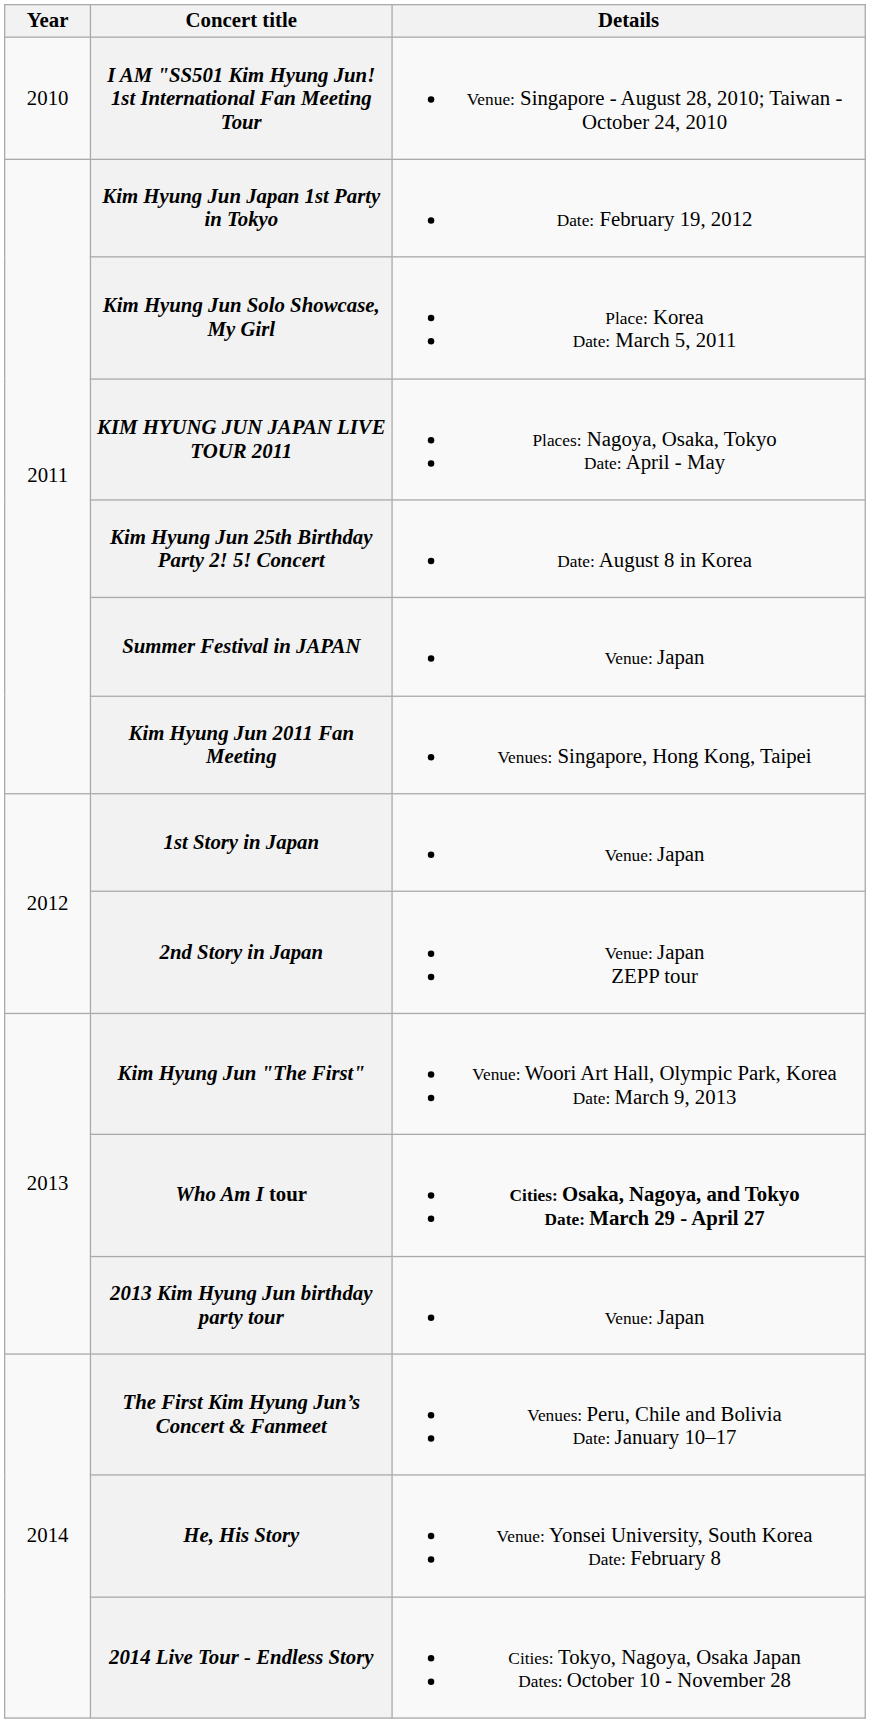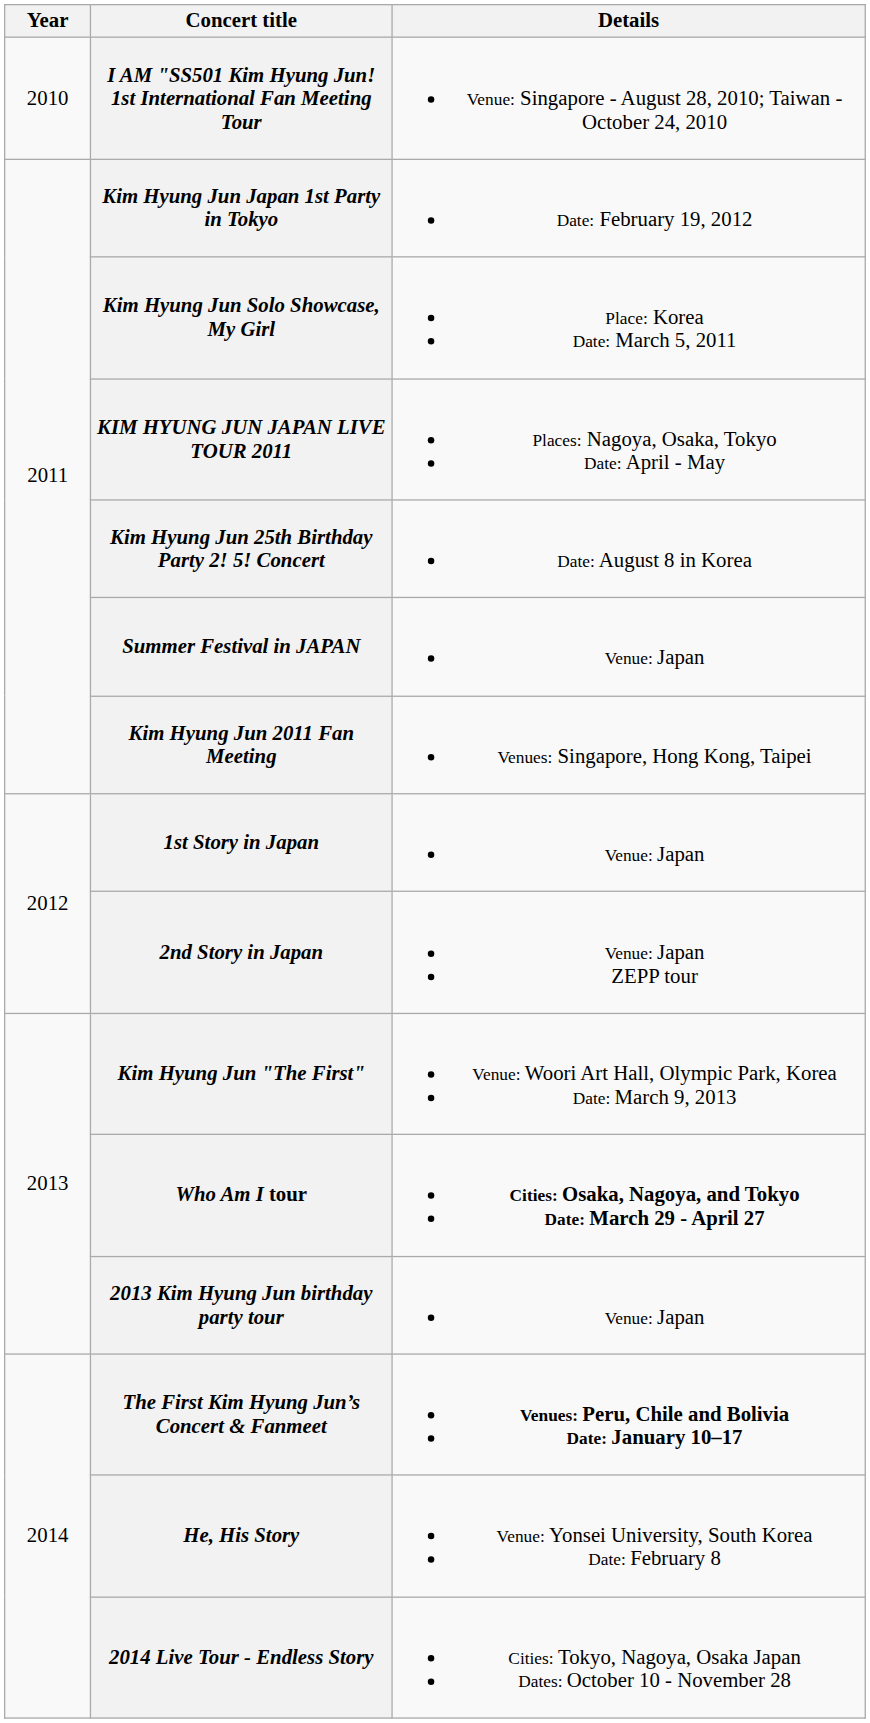 <table class="wikitable plainrowheaders" style="width:75%; text-align:center;">
 <tr>
 <th width=10%>Year</th>
 <th width=35%>Concert title</th>
 <th width=55%>Details</th>
 </tr>
 <tr>
 <td>2010</td>
 <th scope=row><em>I AM "SS501 Kim Hyung Jun! 1st International Fan Meeting Tour</em></th>
 <td><br><ul><li><small>Venue:</small> Singapore - August 28, 2010; Taiwan - October 24, 2010</li></ul></td>
 </tr>
 <tr>
 <td rowspan=6>2011</td>
 <th scope=row><em>Kim Hyung Jun Japan 1st Party in Tokyo</em></th>
 <td><br><ul><li><small>Date:</small> February 19, 2012</li></ul></td>
 </tr>
 <tr>
 <th scope=row><em>Kim Hyung Jun Solo Showcase, My Girl</em></th>
 <td><br><ul><li><small>Place:</small> Korea</li><li><small>Date:</small> March 5, 2011</li></ul></td>
 </tr>
 <tr>
 <th scope=row><em>KIM HYUNG JUN JAPAN LIVE TOUR 2011</em></th>
 <td><br><ul><li><small>Places:</small> Nagoya, Osaka, Tokyo</li><li><small>Date:</small> April - May</li></ul></td>
 </tr>
 <tr>
 <th scope=row><em>Kim Hyung Jun 25th Birthday Party 2! 5! Concert</em></th>
 <td><br><ul><li><small>Date:</small> August 8 in Korea</li></ul></td>
 </tr>
 <tr>
 <th scope=row><em>Summer Festival in JAPAN</em></th>
 <td><br><ul><li><small>Venue: </small>Japan</li></ul></td>
 </tr>
 <tr>
 <th scope=row><em>Kim Hyung Jun 2011 Fan Meeting</em></th>
 <td><br><ul><li><small>Venues:</small> Singapore, Hong Kong, Taipei</li></ul></td>
 </tr>
 <tr>
 <td rowspan=2>2012</td>
 <th scope=row><em>1st Story in Japan</em></th>
 <td><br><ul><li><small>Venue: </small>Japan</li></ul></td>
 </tr>
 <tr>
 <th scope=row><em>2nd Story in Japan</em></th>
 <td><br><ul><li><small>Venue: </small>Japan</li><li>ZEPP tour</li></ul></td>
 </tr>
 <tr>
 <td rowspan=3>2013</td>
 <th scope=row><em>Kim Hyung Jun "The First"</em></th>
 <td><br><ul><li><small>Venue: </small>Woori Art Hall, Olympic Park, Korea</li><li><small>Date: </small>March 9, 2013</li></ul></td>
 </tr>
 <tr>
 <th scope=row><em>Who Am I</em> tour</th>
 <td><strong><br><ul><li><small>Cities: </small>Osaka, Nagoya, and Tokyo</li><li><small>Date: </small>March 29 - April 27</li></ul></strong></td>
 </tr>
 <tr>
 <th scope=row><em>2013 Kim Hyung Jun birthday party tour</em></th>
 <td><br><ul><li><small>Venue: </small> Japan</li></ul></td>
 </tr>
 <tr>
 <td rowspan=3>2014</td>
 <th scope=row><em>The First Kim Hyung Jun’s Concert & Fanmeet</em></th>
-<td><br><ul><li><small>Venues: </small> Peru, Chile and Bolivia</li><li><small>Date: </small> January 10–17</li></ul></td>
+<td><strong><br><ul><li><small>Venues: </small> Peru, Chile and Bolivia</li><li><small>Date: </small> January 10–17</li></ul></strong></td>
 </tr>
 <tr>
 <th scope=row><em>He, His Story</em></th>
 <td><br><ul><li><small>Venue: </small> Yonsei University, South Korea</li><li><small>Date: </small> February 8</li></ul></td>
 </tr>
 <tr>
 <th scope=row><em>2014 Live Tour - Endless Story</em></th>
 <td><br><ul><li><small>Cities: </small> Tokyo, Nagoya, Osaka Japan</li><li><small>Dates: </small> October 10 - November 28</li></ul></td>
 </tr>
 </table>
